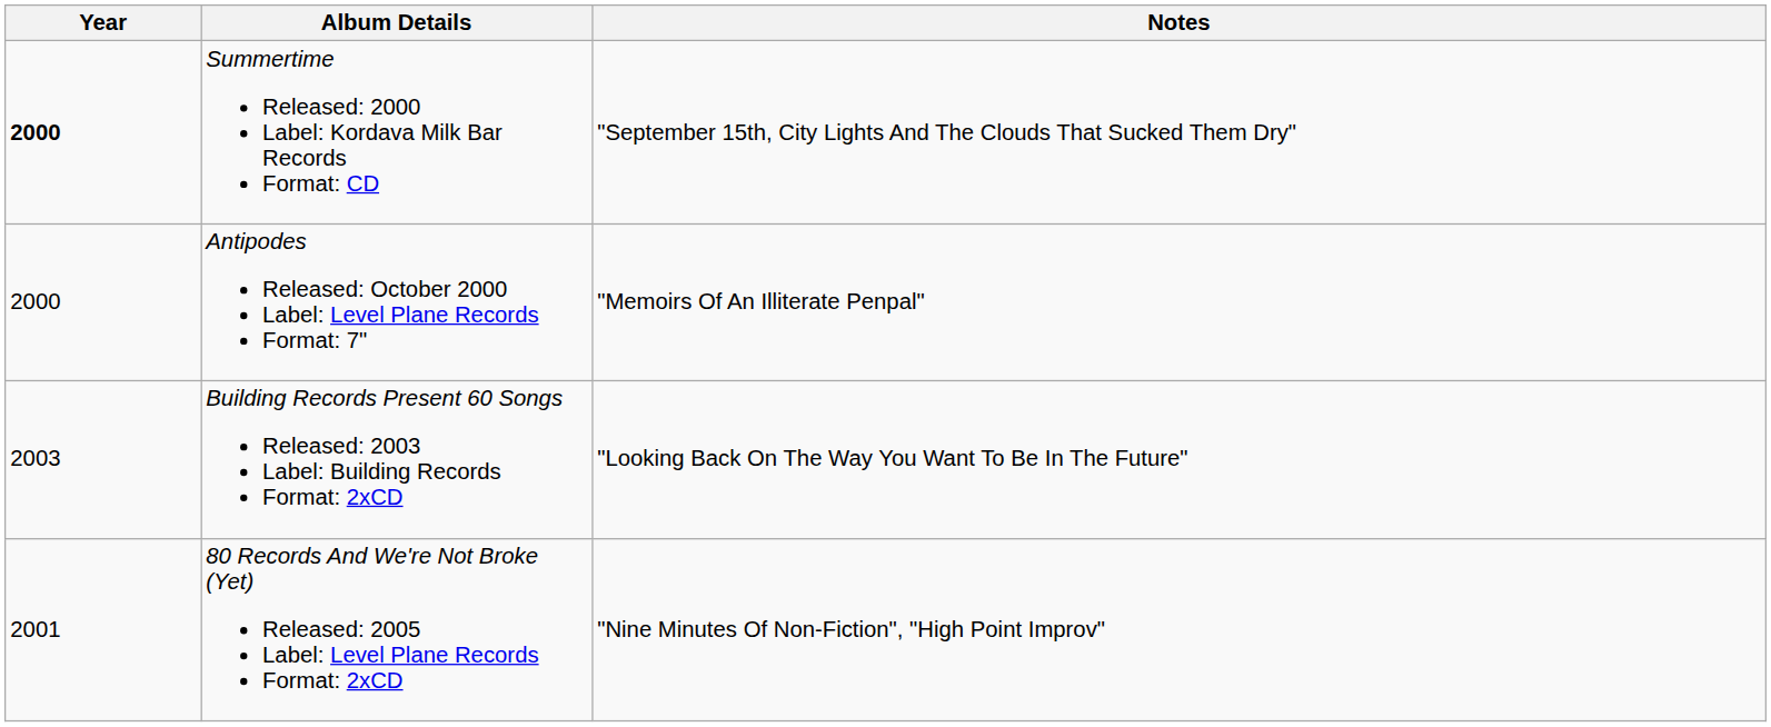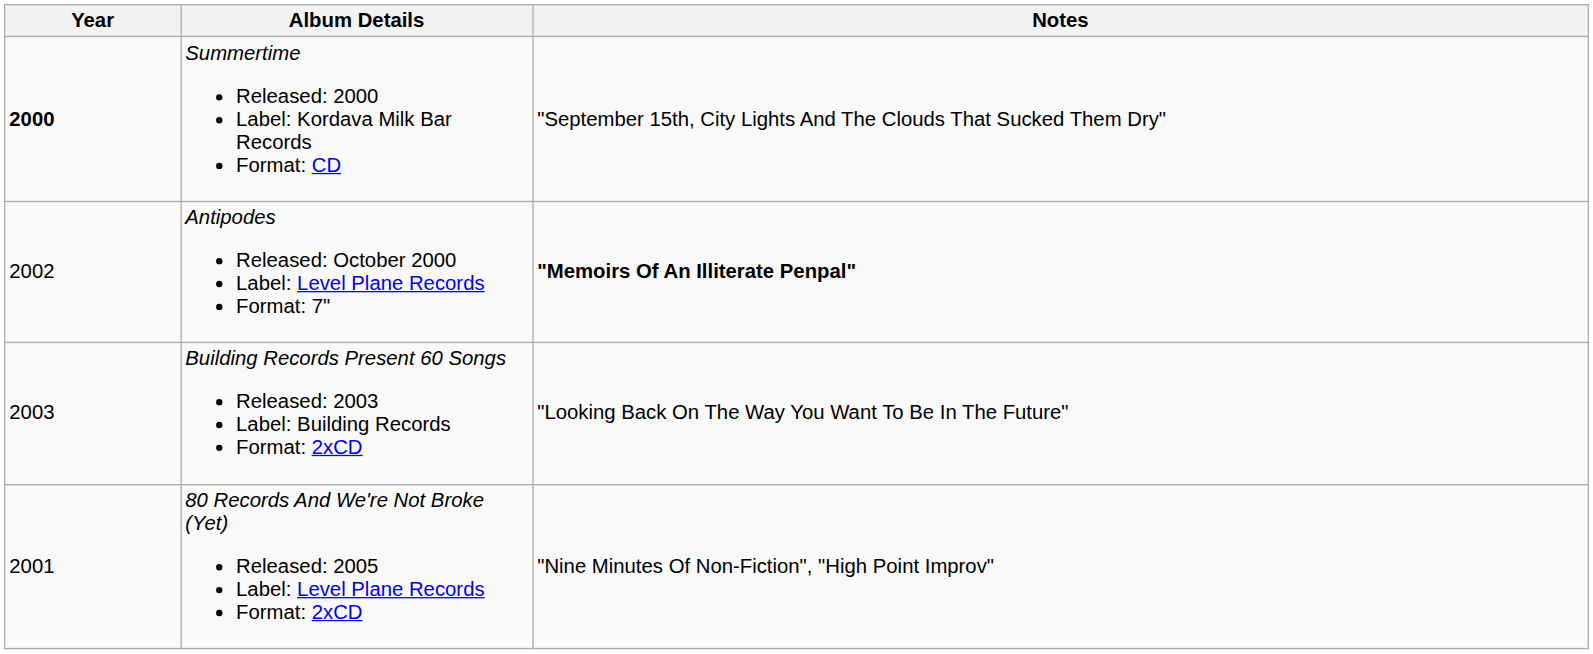 <table class ="wikitable">
 <tr>
 <th style="width: 5%">Year</th>
 <th style="width:10%">Album Details</th>
 <th style="width:30%">Notes</th>
 </tr>
 <tr>
 <td><strong>2000</strong></td>
 <td><em>Summertime</em><br><ul><li>Released: 2000</li><li>Label: Kordava Milk Bar Records</li><li>Format: <a href='#'>CD</a></li></ul></td>
 <td>"September 15th, City Lights And The Clouds That Sucked Them Dry"</td>
 </tr>
 <tr>
-<td>2000</td>
+<td>2002</td>
 <td><em>Antipodes</em><br><ul><li>Released: October 2000</li><li>Label: <a href='#'>Level Plane Records</a></li><li>Format: 7"</li></ul></td>
-<td>"Memoirs Of An Illiterate Penpal"</td>
+<td><strong>"Memoirs Of An Illiterate Penpal"</strong></td>
 </tr>
 <tr>
 <td>2003</td>
 <td><em>Building Records Present 60 Songs</em><br><ul><li>Released: 2003</li><li>Label: Building Records</li><li>Format: <a href='#'>2xCD</a></li></ul></td>
 <td>"Looking Back On The Way You Want To Be In The Future"</td>
 </tr>
 <tr>
 <td>2001</td>
 <td><em>80 Records And We're Not Broke (Yet)</em><br><ul><li>Released: 2005</li><li>Label: <a href='#'>Level Plane Records</a></li><li>Format: <a href='#'>2xCD</a></li></ul></td>
 <td>"Nine Minutes Of Non-Fiction", "High Point Improv"</td>
 </tr>
 </table>
